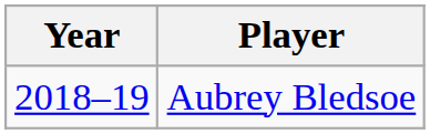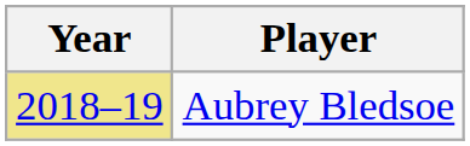 <table class="wikitable">
 <tr>
 <th>Year</th>
 <th>Player</th>
 </tr>
 <tr>
-<td><a href='#'>2018–19</a></td>
+<td style="background: khaki;"><a href='#'>2018–19</a></td>
 <td><a href='#'>Aubrey Bledsoe</a></td>
 </tr>
 </table>
